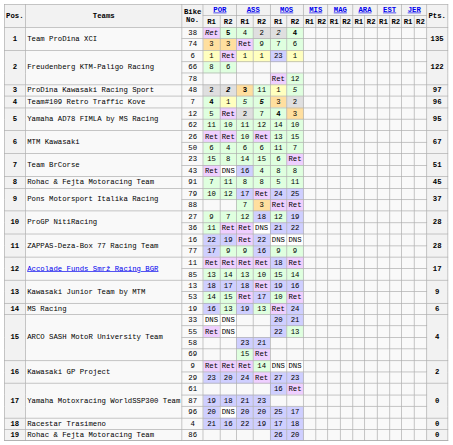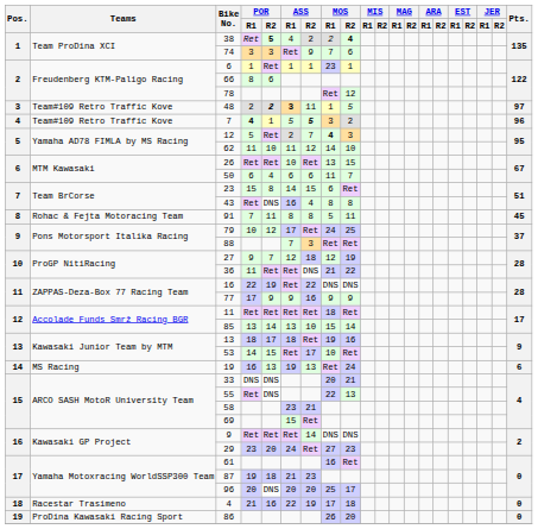 <table class="wikitable" style="font-size:85%; text-align:center;">
 <tr>
 <th rowspan="2">Pos.</th>
 <th rowspan="2">Teams</th>
 <th rowspan="2">Bike<br>No.</th>
 <th colspan="2"><a href='#'>POR</a><br></th>
 <th colspan="2"><a href='#'>ASS</a><br></th>
 <th colspan="2"><a href='#'>MOS</a><br></th>
 <th colspan="2"><a href='#'>MIS</a><br></th>
 <th colspan="2"><a href='#'>MAG</a><br></th>
 <th colspan="2"><a href='#'>ARA</a><br></th>
 <th colspan="2"><a href='#'>EST</a><br></th>
 <th colspan="2"><a href='#'>JER</a><br></th>
 <th rowspan="2">Pts.</th>
 </tr>
 <tr>
 <th>R1</th>
 <th>R2</th>
 <th>R1</th>
 <th>R2</th>
 <th>R1</th>
 <th>R2</th>
 <th>R1</th>
 <th>R2</th>
 <th>R1</th>
 <th>R2</th>
 <th>R1</th>
 <th>R2</th>
 <th>R1</th>
 <th>R2</th>
 <th>R1</th>
 <th>R2</th>
 </tr>
 <tr>
 <th rowspan="2">1</th>
 <td rowspan="2" align="left"> Team ProDina XCI</td>
 <td>38</td>
 <td style="background:#efcfff;"><em>Ret</em></td>
 <td style="background:#dfffdf;"><strong>5</strong></td>
 <td style="background:#dfffdf;">4</td>
 <td style="background:#dfdfdf;">2</td>
 <td style="background:#dfdfdf;"><em>2</em></td>
 <td style="background:#dfffdf;"><strong>4</strong></td>
 <td></td>
 <td></td>
 <td></td>
 <td></td>
 <td></td>
 <td></td>
 <td></td>
 <td></td>
 <td></td>
 <td></td>
 <th rowspan="2">135</th>
 </tr>
 <tr>
 <td>74</td>
 <td style="background:#ffdf9f;">3</td>
 <td style="background:#ffdf9f;">3</td>
 <td style="background:#efcfff;">Ret</td>
 <td style="background:#dfffdf;">9</td>
 <td style="background:#dfffdf;">7</td>
 <td style="background:#dfffdf;">6</td>
 <td></td>
 <td></td>
 <td></td>
 <td></td>
 <td></td>
 <td></td>
 <td></td>
 <td></td>
 <td></td>
 <td></td>
 </tr>
 <tr>
 <th rowspan="3">2</th>
 <td rowspan="3" align="left"> Freudenberg KTM-Paligo Racing</td>
 <td>6</td>
 <td style="background:#ffffbf;">1</td>
 <td style="background:#efcfff;">Ret</td>
 <td style="background:#ffffbf;">1</td>
 <td style="background:#ffffbf;">1</td>
 <td style="background:#cfcfff;">23</td>
 <td style="background:#ffffbf;">1</td>
 <td></td>
 <td></td>
 <td></td>
 <td></td>
 <td></td>
 <td></td>
 <td></td>
 <td></td>
 <td></td>
 <td></td>
 <th rowspan="3">122</th>
 </tr>
 <tr>
 <td>66</td>
 <td style="background:#dfffdf;">8</td>
 <td style="background:#dfffdf;">6</td>
 <td></td>
 <td></td>
 <td></td>
 <td></td>
 <td></td>
 <td></td>
 <td></td>
 <td></td>
 <td></td>
 <td></td>
 <td></td>
 <td></td>
 <td></td>
 <td></td>
 </tr>
 <tr>
 <td>78</td>
 <td></td>
 <td></td>
 <td></td>
 <td></td>
 <td style="background:#efcfff;">Ret</td>
 <td style="background:#dfffdf;">12</td>
 <td></td>
 <td></td>
 <td></td>
 <td></td>
 <td></td>
 <td></td>
 <td></td>
 <td></td>
 <td></td>
 <td></td>
 </tr>
 <tr>
 <th>3</th>
-<td align="left"> ProDina Kawasaki Racing Sport</td>
+<td align="left"> Team#109 Retro Traffic Kove</td>
 <td>48</td>
 <td style="background:#dfdfdf;">2</td>
 <td style="background:#dfdfdf;"><strong><em>2</em></strong></td>
 <td style="background:#ffdf9f;"><strong>3</strong></td>
 <td style="background:#dfffdf;">11</td>
 <td style="background:#ffffbf;">1</td>
 <td style="background:#dfffdf;"><em>5</em></td>
 <td></td>
 <td></td>
 <td></td>
 <td></td>
 <td></td>
 <td></td>
 <td></td>
 <td></td>
 <td></td>
 <td></td>
 <th>97</th>
 </tr>
 <tr>
 <th>4</th>
 <td align="left"> Team#109 Retro Traffic Kove</td>
 <td>7</td>
 <td style="background:#dfffdf;"><strong>4</strong></td>
 <td style="background:#ffffbf;">1</td>
 <td style="background:#dfffdf;"><em>5</em></td>
 <td style="background:#dfffdf;"><strong><em>5</em></strong></td>
 <td style="background:#ffdf9f;">3</td>
 <td style="background:#dfdfdf;">2</td>
 <td></td>
 <td></td>
 <td></td>
 <td></td>
 <td></td>
 <td></td>
 <td></td>
 <td></td>
 <td></td>
 <td></td>
 <th>96</th>
 </tr>
 <tr>
 <th rowspan="2">5</th>
 <td rowspan="2" align="left"> Yamaha AD78 FIMLA by MS Racing</td>
 <td>12</td>
 <td style="background:#dfffdf;">5</td>
 <td style="background:#efcfff;">Ret</td>
 <td style="background:#dfdfdf;">2</td>
 <td style="background:#dfffdf;">7</td>
 <td style="background:#dfffdf;"><strong>4</strong></td>
 <td style="background:#ffdf9f;">3</td>
 <td></td>
 <td></td>
 <td></td>
 <td></td>
 <td></td>
 <td></td>
 <td></td>
 <td></td>
 <td></td>
 <td></td>
 <th rowspan="2">95</th>
 </tr>
 <tr>
 <td>62</td>
 <td style="background:#dfffdf;">11</td>
 <td style="background:#dfffdf;">10</td>
 <td style="background:#dfffdf;">11</td>
 <td style="background:#dfffdf;">12</td>
 <td style="background:#dfffdf;">14</td>
 <td style="background:#dfffdf;">10</td>
 <td></td>
 <td></td>
 <td></td>
 <td></td>
 <td></td>
 <td></td>
 <td></td>
 <td></td>
 <td></td>
 <td></td>
 </tr>
 <tr>
 <th rowspan="2">6</th>
 <td rowspan="2" align="left"> MTM Kawasaki</td>
 <td>26</td>
 <td style="background:#efcfff;">Ret</td>
 <td style="background:#efcfff;">Ret</td>
 <td style="background:#dfffdf;">10</td>
 <td style="background:#efcfff;">Ret</td>
 <td style="background:#dfffdf;">13</td>
 <td style="background:#dfffdf;">15</td>
 <td></td>
 <td></td>
 <td></td>
 <td></td>
 <td></td>
 <td></td>
 <td></td>
 <td></td>
 <td></td>
 <td></td>
 <th rowspan="2">67</th>
 </tr>
 <tr>
 <td>50</td>
 <td style="background:#dfffdf;">6</td>
 <td style="background:#dfffdf;">4</td>
 <td style="background:#dfffdf;">6</td>
 <td style="background:#dfffdf;">6</td>
 <td style="background:#dfffdf;">11</td>
 <td style="background:#dfffdf;">7</td>
 <td></td>
 <td></td>
 <td></td>
 <td></td>
 <td></td>
 <td></td>
 <td></td>
 <td></td>
 <td></td>
 <td></td>
 </tr>
 <tr>
 <th rowspan="2">7</th>
 <td rowspan="2" align="left"> Team BrCorse</td>
 <td>23</td>
 <td style="background:#dfffdf;">15</td>
 <td style="background:#dfffdf;">8</td>
 <td style="background:#dfffdf;">14</td>
 <td style="background:#dfffdf;">15</td>
 <td style="background:#dfffdf;">6</td>
 <td style="background:#efcfff;">Ret</td>
 <td></td>
 <td></td>
 <td></td>
 <td></td>
 <td></td>
 <td></td>
 <td></td>
 <td></td>
 <td></td>
 <td></td>
 <th rowspan="2">51</th>
 </tr>
 <tr>
 <td>43</td>
 <td style="background:#efcfff;">Ret</td>
 <td style="background:#ffffff;">DNS</td>
 <td style="background:#cfcfff;">16</td>
 <td style="background:#dfffdf;">4</td>
 <td style="background:#dfffdf;">8</td>
 <td style="background:#dfffdf;">8</td>
 <td></td>
 <td></td>
 <td></td>
 <td></td>
 <td></td>
 <td></td>
 <td></td>
 <td></td>
 <td></td>
 <td></td>
 </tr>
 <tr>
 <th>8</th>
 <td align="left"> Rohac & Fejta Motoracing Team</td>
 <td>91</td>
 <td style="background:#dfffdf;">7</td>
 <td style="background:#dfffdf;">11</td>
 <td style="background:#dfffdf;">8</td>
 <td style="background:#dfffdf;">8</td>
 <td style="background:#dfffdf;">5</td>
 <td style="background:#dfffdf;">11</td>
 <td></td>
 <td></td>
 <td></td>
 <td></td>
 <td></td>
 <td></td>
 <td></td>
 <td></td>
 <td></td>
 <td></td>
 <th>45</th>
 </tr>
 <tr>
 <th rowspan="2">9</th>
 <td rowspan="2" align="left"> Pons Motorsport Italika Racing</td>
 <td>79</td>
 <td style="background:#dfffdf;">10</td>
 <td style="background:#dfffdf;">12</td>
 <td style="background:#cfcfff;">17</td>
 <td style="background:#efcfff;">Ret</td>
 <td style="background:#cfcfff;">24</td>
 <td style="background:#cfcfff;">25</td>
 <td></td>
 <td></td>
 <td></td>
 <td></td>
 <td></td>
 <td></td>
 <td></td>
 <td></td>
 <td></td>
 <td></td>
 <th rowspan="2">37</th>
 </tr>
 <tr>
 <td>88</td>
 <td></td>
 <td></td>
 <td style="background:#dfffdf;">7</td>
 <td style="background:#ffdf9f;">3</td>
 <td style="background:#efcfff;">Ret</td>
 <td style="background:#efcfff;'">Ret</td>
 <td></td>
 <td></td>
 <td></td>
 <td></td>
 <td></td>
 <td></td>
 <td></td>
 <td></td>
 <td></td>
 <td></td>
 </tr>
 <tr>
 <th rowspan="2">10</th>
 <td rowspan="2" align="left"> ProGP NitiRacing</td>
 <td>27</td>
 <td style="background:#dfffdf;">9</td>
 <td style="background:#dfffdf;">7</td>
 <td style="background:#dfffdf;">12</td>
 <td style="background:#cfcfff;">18</td>
 <td style="background:#dfffdf;">12</td>
 <td style="background:#cfcfff;">19</td>
 <td></td>
 <td></td>
 <td></td>
 <td></td>
 <td></td>
 <td></td>
 <td></td>
 <td></td>
 <td></td>
 <td></td>
 <th rowspan="2">28</th>
 </tr>
 <tr>
 <td>36</td>
 <td style="background:#dfffdf;">11</td>
 <td style="background:#efcfff;">Ret</td>
 <td style="background:#efcfff;">Ret</td>
 <td style="background:#ffffff;">DNS</td>
 <td style="background:#cfcfff;">21</td>
 <td style="background:#cfcfff;">22</td>
 <td></td>
 <td></td>
 <td></td>
 <td></td>
 <td></td>
 <td></td>
 <td></td>
 <td></td>
 <td></td>
 <td></td>
 </tr>
 <tr>
 <th rowspan="2">11</th>
 <td rowspan="2" align="left"> ZAPPAS-Deza-Box 77 Racing Team</td>
 <td>16</td>
 <td style="background:#cfcfff;">22</td>
 <td style="background:#cfcfff;">19</td>
 <td style="background:#efcfff;">Ret</td>
 <td style="background:#cfcfff;">22</td>
 <td style="background:#ffffff;">DNS</td>
 <td style="background:#ffffff;">DNS</td>
 <td></td>
 <td></td>
 <td></td>
 <td></td>
 <td></td>
 <td></td>
 <td></td>
 <td></td>
 <td></td>
 <td></td>
 <th rowspan="2">28</th>
 </tr>
 <tr>
 <td>77</td>
 <td style="background:#cfcfff;">17</td>
 <td style="background:#dfffdf;">9</td>
 <td style="background:#dfffdf;">9</td>
 <td style="background:#cfcfff;">16</td>
 <td style="background:#dfffdf;">9</td>
 <td style="background:#dfffdf;">9</td>
 <td></td>
 <td></td>
 <td></td>
 <td></td>
 <td></td>
 <td></td>
 <td></td>
 <td></td>
 <td></td>
 <td></td>
 </tr>
 <tr>
 <th rowspan="2">12</th>
 <td rowspan="2" align="left"> <a href='#'>Accolade Funds Smrž Racing BGR</a></td>
 <td>11</td>
 <td style="background:#efcfff;">Ret</td>
 <td style="background:#efcfff;">Ret</td>
 <td style="background:#efcfff;">Ret</td>
 <td style="background:#efcfff;">Ret</td>
 <td style="background:#cfcfff;">18</td>
 <td style="background:#efcfff;">Ret</td>
 <td></td>
 <td></td>
 <td></td>
 <td></td>
 <td></td>
 <td></td>
 <td></td>
 <td></td>
 <td></td>
 <td></td>
 <th rowspan="2">17</th>
 </tr>
 <tr>
 <td>85</td>
 <td style="background:#dfffdf;">13</td>
 <td style="background:#dfffdf;">14</td>
 <td style="background:#dfffdf;">13</td>
 <td style="background:#dfffdf;">10</td>
 <td style="background:#dfffdf;">15</td>
 <td style="background:#dfffdf;">14</td>
 <td></td>
 <td></td>
 <td></td>
 <td></td>
 <td></td>
 <td></td>
 <td></td>
 <td></td>
 <td></td>
 <td></td>
 </tr>
 <tr>
 <th rowspan="2">13</th>
 <td rowspan="2" align="left"> Kawasaki Junior Team by MTM</td>
 <td>13</td>
 <td style="background:#cfcfff;">18</td>
 <td style="background:#cfcfff;">17</td>
 <td style="background:#cfcfff;">18</td>
 <td style="background:#efcfff;">Ret</td>
 <td style="background:#cfcfff;">19</td>
 <td style="background:#cfcfff;">16</td>
 <td></td>
 <td></td>
 <td></td>
 <td></td>
 <td></td>
 <td></td>
 <td></td>
 <td></td>
 <td></td>
 <td></td>
 <th rowspan="2">9</th>
 </tr>
 <tr>
 <td>53</td>
 <td style="background:#dfffdf;">14</td>
 <td style="background:#dfffdf;">15</td>
 <td style="background:#efcfff;">Ret</td>
 <td style="background:#cfcfff;">17</td>
 <td style="background:#dfffdf;">10</td>
 <td style="background:#efcfff;">Ret</td>
 <td></td>
 <td></td>
 <td></td>
 <td></td>
 <td></td>
 <td></td>
 <td></td>
 <td></td>
 <td></td>
 <td></td>
 </tr>
 <tr>
 <th>14</th>
 <td align="left"> MS Racing</td>
 <td>19</td>
 <td style="background:#cfcfff;">16</td>
 <td style="background:#dfffdf;">13</td>
 <td style="background:#cfcfff;">19</td>
 <td style="background:#dfffdf;">13</td>
 <td style="background:#efcfff;">Ret</td>
 <td style="background:#cfcfff;">24</td>
 <td></td>
 <td></td>
 <td></td>
 <td></td>
 <td></td>
 <td></td>
 <td></td>
 <td></td>
 <td></td>
 <td></td>
 <th>6</th>
 </tr>
 <tr>
 <th rowspan="4">15</th>
 <td rowspan="4" align="left"> ARCO SASH MotoR University Team</td>
 <td>33</td>
 <td style="background:#ffffff;">DNS</td>
 <td style="background:#ffffff;">DNS</td>
 <td></td>
 <td></td>
 <td style="background:#cfcfff;">20</td>
 <td style="background:#cfcfff;">21</td>
 <td></td>
 <td></td>
 <td></td>
 <td></td>
 <td></td>
 <td></td>
 <td></td>
 <td></td>
 <td></td>
 <td></td>
 <th rowspan="4">4</th>
 </tr>
 <tr>
 <td>55</td>
 <td style="background:#efcfff;">Ret</td>
 <td style="background:#ffffff;">DNS</td>
 <td></td>
 <td></td>
 <td style="background:#cfcfff;">22</td>
 <td style="background:#dfffdf;">13</td>
 <td></td>
 <td></td>
 <td></td>
 <td></td>
 <td></td>
 <td></td>
 <td></td>
 <td></td>
 <td></td>
 <td></td>
 </tr>
 <tr>
 <td>58</td>
 <td></td>
 <td></td>
 <td style="background:#cfcfff;">23</td>
 <td style="background:#cfcfff;">21</td>
 <td></td>
 <td></td>
 <td></td>
 <td></td>
 <td></td>
 <td></td>
 <td></td>
 <td></td>
 <td></td>
 <td></td>
 <td></td>
 <td></td>
 </tr>
 <tr>
 <td>69</td>
 <td></td>
 <td></td>
 <td style="background:#dfffdf;">15</td>
 <td style="background:#efcfff;">Ret</td>
 <td></td>
 <td></td>
 <td></td>
 <td></td>
 <td></td>
 <td></td>
 <td></td>
 <td></td>
 <td></td>
 <td></td>
 <td></td>
 <td></td>
 </tr>
 <tr>
 <th rowspan="2">16</th>
 <td rowspan="2" align="left"> Kawasaki GP Project</td>
 <td>9</td>
 <td style="background:#efcfff;">Ret</td>
 <td style="background:#efcfff;">Ret</td>
 <td style="background:#efcfff;">Ret</td>
 <td style="background:#dfffdf;">14</td>
 <td style="background:#ffffff;">DNS</td>
 <td style="background:#ffffff;">DNS</td>
 <td></td>
 <td></td>
 <td></td>
 <td></td>
 <td></td>
 <td></td>
 <td></td>
 <td></td>
 <td></td>
 <td></td>
 <th rowspan="2">2</th>
 </tr>
 <tr>
 <td>29</td>
 <td style="background:#cfcfff;">23</td>
 <td style="background:#cfcfff;">20</td>
 <td style="background:#cfcfff;">24</td>
 <td style="background:#efcfff;">Ret</td>
 <td style="background:#cfcfff;">27</td>
 <td style="background:#cfcfff;">23</td>
 <td></td>
 <td></td>
 <td></td>
 <td></td>
 <td></td>
 <td></td>
 <td></td>
 <td></td>
 <td></td>
 <td></td>
 </tr>
 <tr>
 <th rowspan="3">17</th>
 <td rowspan="3" align="left"> Yamaha Motoxracing WorldSSP300 Team</td>
 <td>61</td>
 <td></td>
 <td></td>
 <td></td>
 <td></td>
 <td style="background:#cfcfff;">16</td>
 <td style="background:#efcfff;">Ret</td>
 <td></td>
 <td></td>
 <td></td>
 <td></td>
 <td></td>
 <td></td>
 <td></td>
 <td></td>
 <td></td>
 <td></td>
 <th rowspan="3">0</th>
 </tr>
 <tr>
 <td>87</td>
 <td style="background:#cfcfff;">19</td>
 <td style="background:#cfcfff;">18</td>
 <td style="background:#cfcfff;">21</td>
 <td style="background:#cfcfff;">23</td>
 <td></td>
 <td></td>
 <td></td>
 <td></td>
 <td></td>
 <td></td>
 <td></td>
 <td></td>
 <td></td>
 <td></td>
 <td></td>
 <td></td>
 </tr>
 <tr>
 <td>96</td>
 <td style="background:#cfcfff;">20</td>
 <td style="background:#ffffff;">DNS</td>
 <td style="background:#cfcfff;">20</td>
 <td style="background:#cfcfff;">20</td>
 <td style="background:#cfcfff;">25</td>
 <td style="background:#cfcfff;">17</td>
 <td></td>
 <td></td>
 <td></td>
 <td></td>
 <td></td>
 <td></td>
 <td></td>
 <td></td>
 <td></td>
 <td></td>
 </tr>
 <tr>
 <th>18</th>
 <td align="left"> Racestar Trasimeno</td>
 <td>4</td>
 <td style="background:#cfcfff;">21</td>
 <td style="background:#cfcfff;">16</td>
 <td style="background:#cfcfff;">22</td>
 <td style="background:#cfcfff;">19</td>
 <td style="background:#cfcfff;">17</td>
 <td style="background:#cfcfff;">18</td>
 <td></td>
 <td></td>
 <td></td>
 <td></td>
 <td></td>
 <td></td>
 <td></td>
 <td></td>
 <td></td>
 <td></td>
 <th>0</th>
 </tr>
 <tr>
 <th>19</th>
-<td align="left"> Rohac & Fejta Motoracing Team</td>
+<td align="left"> ProDina Kawasaki Racing Sport</td>
 <td>86</td>
 <td></td>
 <td></td>
 <td></td>
 <td></td>
 <td style="background:#cfcfff;">26</td>
 <td style="background:#cfcfff;">20</td>
 <td></td>
 <td></td>
 <td></td>
 <td></td>
 <td></td>
 <td></td>
 <td></td>
 <td></td>
 <td></td>
 <td></td>
 <th>0</th>
 </tr>
 <tr>
 </tr>
 </table>
